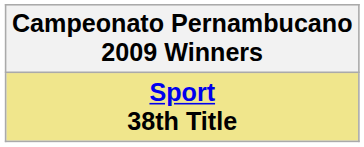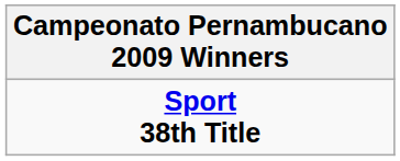 <table class="wikitable" style="text-align: center; margin: 0 auto;">
 <tr>
 <th>Campeonato Pernambucano<br>2009 Winners</th>
 </tr>
 <tr>
-<td style="background: khaki;"><strong><a href='#'>Sport</a></strong><br><strong>38th Title</strong></td>
+<td><strong><a href='#'>Sport</a></strong><br><strong>38th Title</strong></td>
 </tr>
 </table>
